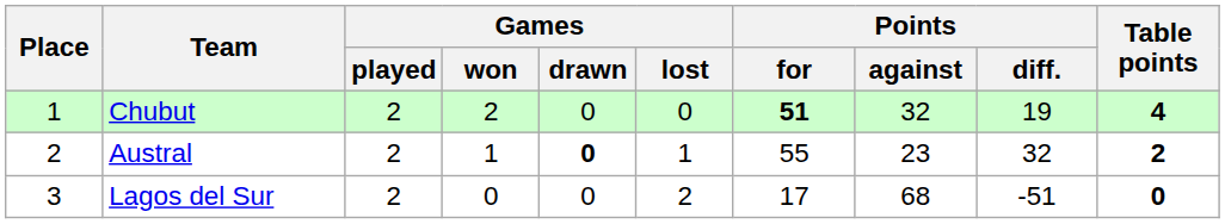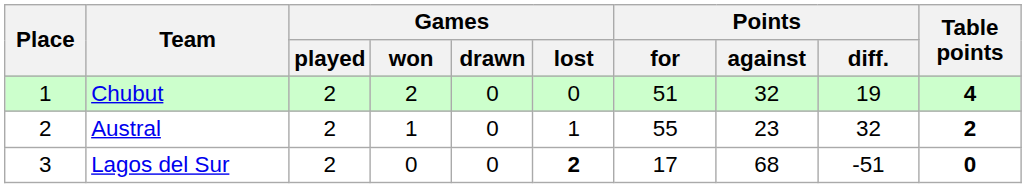 <table class="wikitable">
 <tr>
 <th rowspan=2 width="8%">Place</th>
 <th rowspan=2 width="20%">Team</th>
 <th colspan=4 width="32%">Games</th>
 <th colspan=3 width="30%">Points</th>
 <th rowspan=2 width="10%">Table<br>points</th>
 </tr>
 <tr>
 <th width="8%">played</th>
 <th width="8%">won</th>
 <th width="8%">drawn</th>
 <th width="8%">lost</th>
 <th width="10%">for</th>
 <th width="10%">against</th>
 <th width="10%">diff.</th>
 </tr>
 <tr align=center style="background: #ccffcc;">
 <td>1</td>
 <td align=left><a href='#'>Chubut</a></td>
 <td>2</td>
 <td>2</td>
 <td>0</td>
 <td>0</td>
-<td><strong>51</strong></td>
+<td>51</td>
 <td>32</td>
 <td>19</td>
 <td><strong>4</strong></td>
 </tr>
 <tr align=center style="background: #ffffff;">
 <td>2</td>
 <td align=left><a href='#'>Austral</a></td>
 <td>2</td>
 <td>1</td>
-<td><strong>0</strong></td>
+<td>0</td>
 <td>1</td>
 <td>55</td>
 <td>23</td>
 <td>32</td>
 <td><strong>2</strong></td>
 </tr>
 <tr align=center style="background: #ffffff;">
 <td>3</td>
 <td align=left><a href='#'>Lagos del Sur</a></td>
 <td>2</td>
 <td>0</td>
 <td>0</td>
-<td>2</td>
+<td><strong>2</strong></td>
 <td>17</td>
 <td>68</td>
 <td>-51</td>
 <td><strong>0</strong></td>
 </tr>
 </table>
